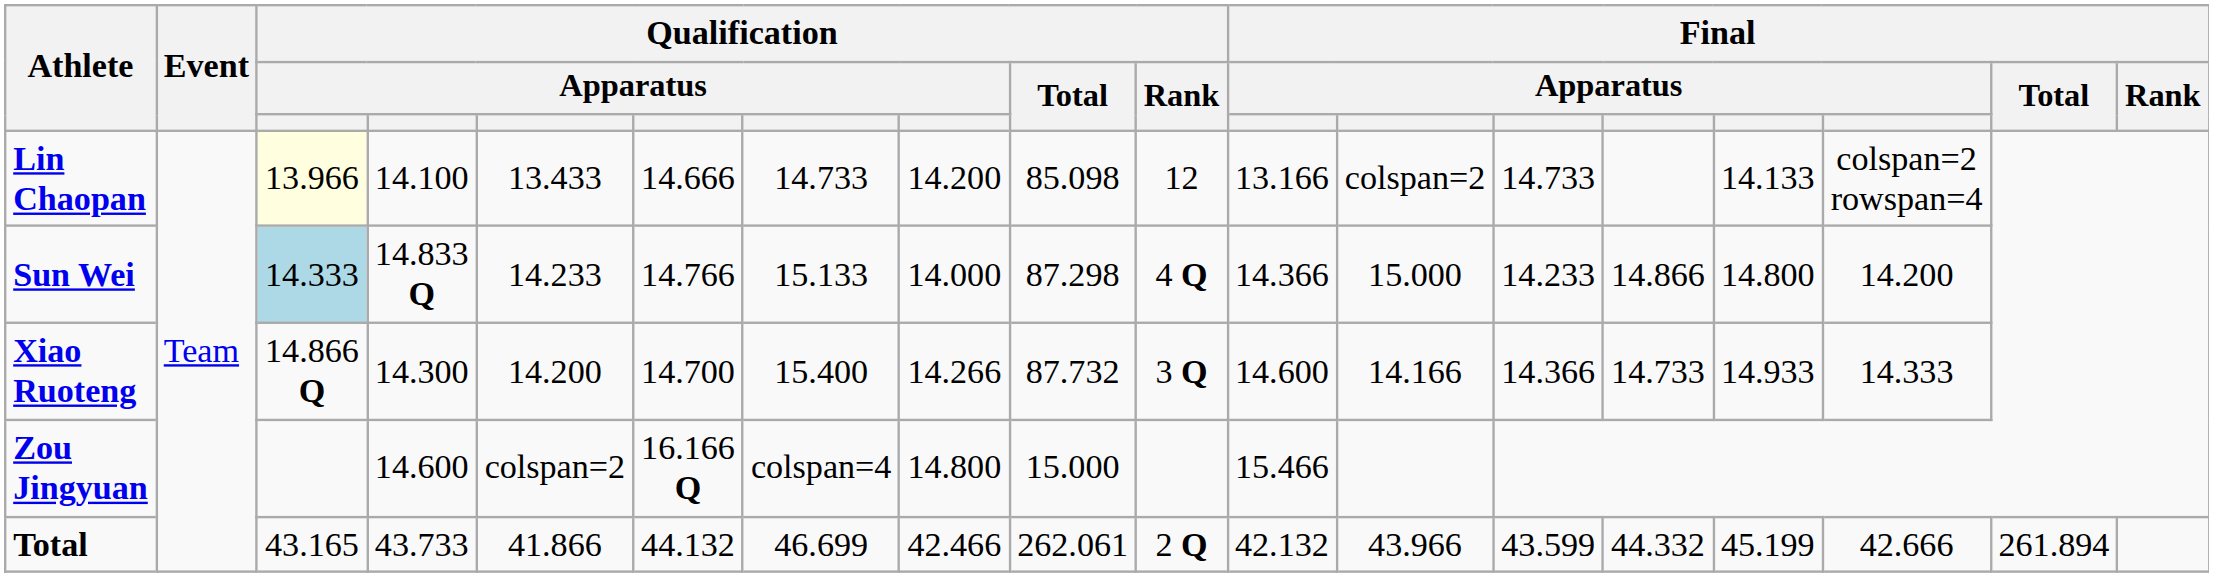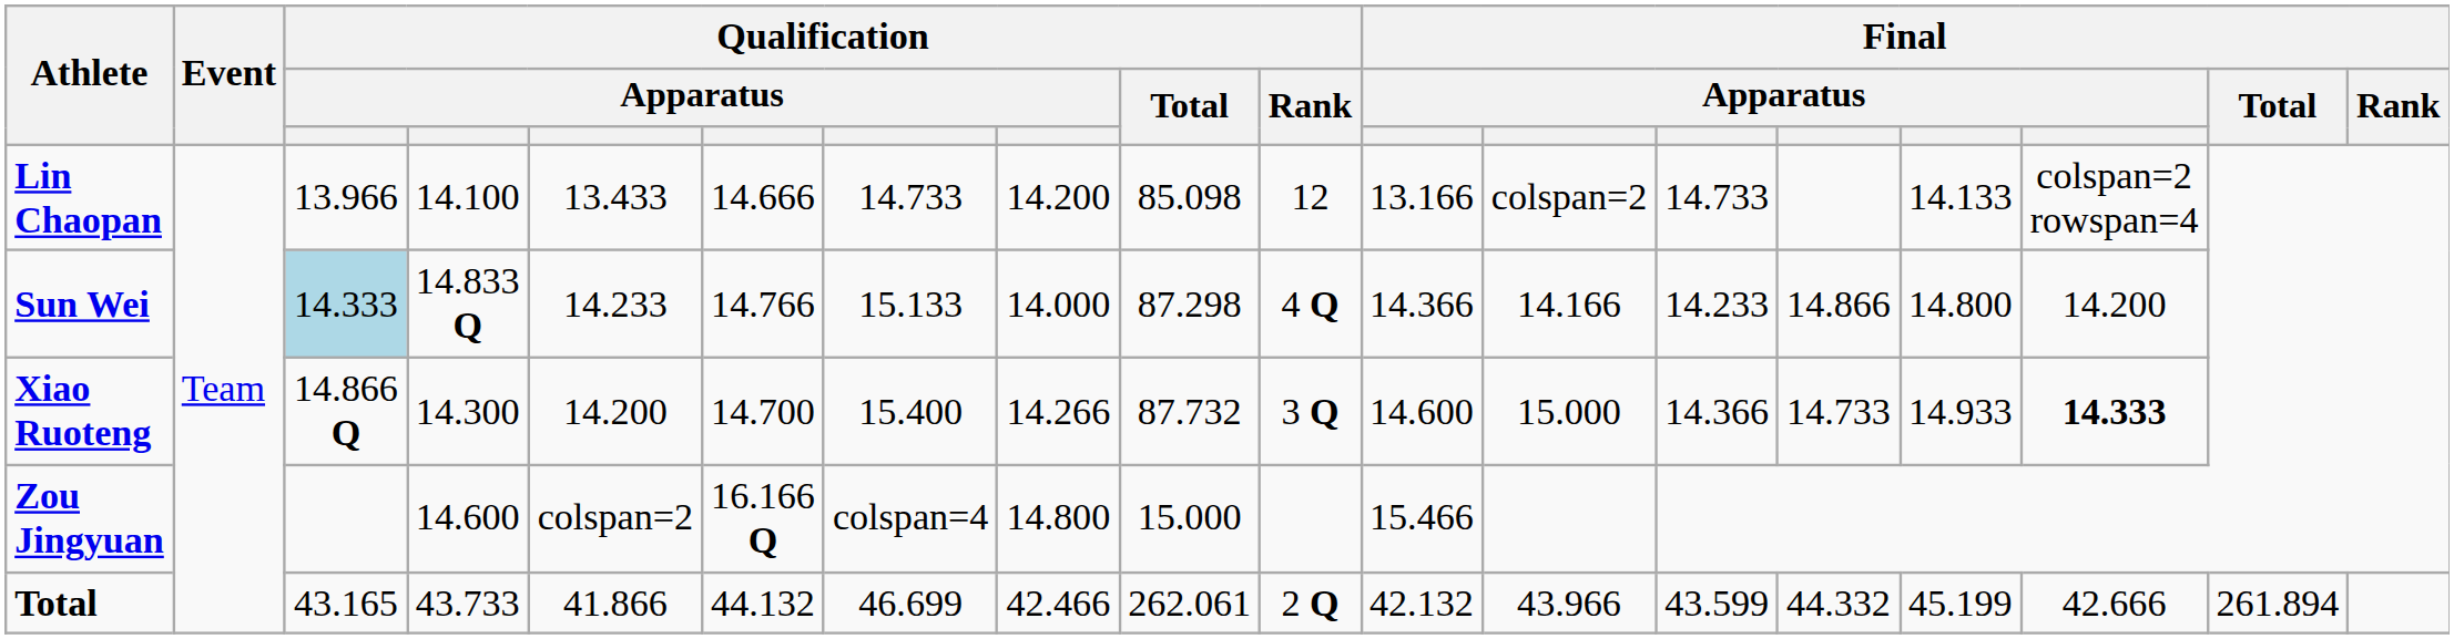 <table class="wikitable" style="text-align:center; font-size:90%">
 <tr>
 <th rowspan=3>Athlete</th>
 <th rowspan=3>Event</th>
 <th colspan =8>Qualification</th>
 <th colspan =8>Final</th>
 </tr>
 <tr style="font-size:95%">
 <th colspan=6>Apparatus</th>
 <th rowspan=2>Total</th>
 <th rowspan=2>Rank</th>
 <th colspan=6>Apparatus</th>
 <th rowspan=2>Total</th>
 <th rowspan=2>Rank</th>
 </tr>
 <tr style="font-size:95%">
 <th></th>
 <th></th>
 <th></th>
 <th></th>
 <th></th>
 <th></th>
 <th></th>
 <th></th>
 <th></th>
 <th></th>
 <th></th>
 <th></th>
 </tr>
 <tr align=center>
 <td align=left><strong><a href='#'>Lin Chaopan</a></strong></td>
 <td align=left rowspan=5><a href='#'>Team</a></td>
-<td style="background: lightyellow;">13.966</td>
+<td>13.966</td>
 <td>14.100</td>
 <td>13.433</td>
 <td>14.666</td>
 <td>14.733</td>
 <td>14.200</td>
 <td>85.098</td>
 <td>12</td>
 <td>13.166</td>
 <td>colspan=2 </td>
 <td>14.733</td>
 <td></td>
 <td>14.133</td>
 <td>colspan=2 rowspan=4 </td>
 </tr>
 <tr align=center>
 <td align=left><strong><a href='#'>Sun Wei</a></strong></td>
 <td style="background: lightblue;">14.333</td>
 <td>14.833 <strong>Q</strong></td>
 <td>14.233</td>
 <td>14.766</td>
 <td>15.133</td>
 <td>14.000</td>
 <td>87.298</td>
 <td>4 <strong>Q</strong></td>
 <td>14.366</td>
-<td>15.000</td>
+<td>14.166</td>
 <td>14.233</td>
 <td>14.866</td>
 <td>14.800</td>
 <td>14.200</td>
 </tr>
 <tr align=center>
 <td align=left><strong><a href='#'>Xiao Ruoteng</a></strong></td>
 <td>14.866 <strong>Q</strong></td>
 <td>14.300</td>
 <td>14.200</td>
 <td>14.700</td>
 <td>15.400</td>
 <td>14.266</td>
 <td>87.732</td>
 <td>3 <strong>Q</strong></td>
 <td>14.600</td>
-<td>14.166</td>
+<td>15.000</td>
 <td>14.366</td>
 <td>14.733</td>
 <td>14.933</td>
-<td>14.333</td>
+<td><strong>14.333</strong></td>
 </tr>
 <tr align=center>
 <td align=left><strong><a href='#'>Zou Jingyuan</a></strong></td>
 <td></td>
 <td>14.600</td>
 <td>colspan=2 </td>
 <td>16.166 <strong>Q</strong></td>
 <td>colspan=4 </td>
 <td>14.800</td>
 <td>15.000</td>
 <td></td>
 <td>15.466</td>
 <td></td>
 </tr>
 <tr align=center>
 <td align=left><strong>Total</strong></td>
 <td>43.165</td>
 <td>43.733</td>
 <td>41.866</td>
 <td>44.132</td>
 <td>46.699</td>
 <td>42.466</td>
 <td>262.061</td>
 <td>2 <strong>Q</strong></td>
 <td>42.132</td>
 <td>43.966</td>
 <td>43.599</td>
 <td>44.332</td>
 <td>45.199</td>
 <td>42.666</td>
 <td>261.894</td>
 <td></td>
 </tr>
 </table>
